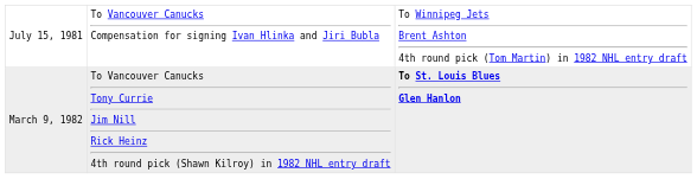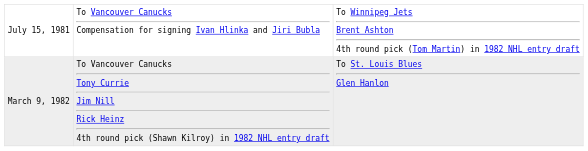 <table border=1 style="border-collapse:collapse" bordercolor="#DFDFDF"  cellpadding="5">
 <tr>
 <td>July 15, 1981</td>
 <td valign="top">To <a href='#'>Vancouver Canucks</a> <hr>Compensation for signing <a href='#'>Ivan Hlinka</a> and <a href='#'>Jiri Bubla</a></td>
 <td valign="top">To <a href='#'>Winnipeg Jets</a> <hr><a href='#'>Brent Ashton</a> <hr>4th round pick (<a href='#'>Tom Martin</a>) in <a href='#'>1982 NHL entry draft</a></td>
 </tr>
 <tr bgcolor="#eeeeee">
 <td>March 9, 1982</td>
 <td valign="top">To Vancouver Canucks <hr><a href='#'>Tony Currie</a> <hr><a href='#'>Jim Nill</a> <hr><a href='#'>Rick Heinz</a> <hr>4th round pick (Shawn Kilroy) in <a href='#'>1982 NHL entry draft</a></td>
-<td valign="top"><strong>To <a href='#'>St. Louis Blues</a> <hr><a href='#'>Glen Hanlon</a></strong></td>
+<td valign="top">To <a href='#'>St. Louis Blues</a> <hr><a href='#'>Glen Hanlon</a></td>
 </tr>
 </table>
